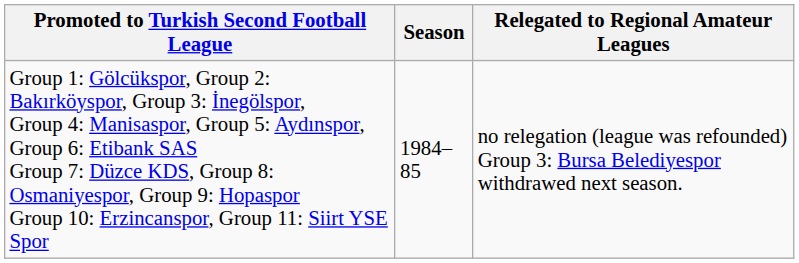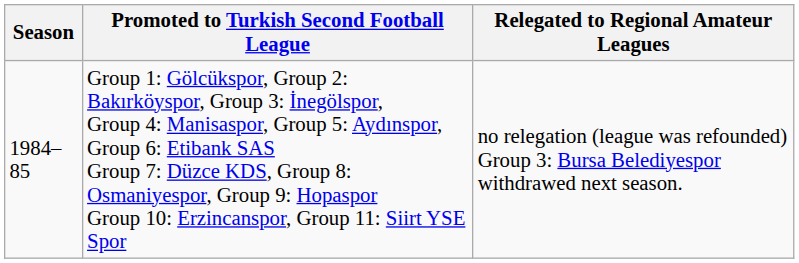 <table class="wikitable">
 <tr>
+<th>Season</th>
 <th>Promoted to <a href='#'>Turkish Second Football League</a></th>
-<th>Season</th>
 <th>Relegated to Regional Amateur Leagues</th>
 </tr>
 <tr>
+<td>1984–85</td>
 <td>Group 1: <a href='#'>Gölcükspor</a>, Group 2: <a href='#'>Bakırköyspor</a>, Group 3: <a href='#'>İnegölspor</a>, <br> Group 4: <a href='#'>Manisaspor</a>, Group 5: <a href='#'>Aydınspor</a>, Group 6: <a href='#'>Etibank SAS</a><br> Group 7: <a href='#'>Düzce KDS</a>, Group 8: <a href='#'>Osmaniyespor</a>, Group 9: <a href='#'>Hopaspor</a><br>Group 10: <a href='#'>Erzincanspor</a>, Group 11: <a href='#'>Siirt YSE Spor</a></td>
-<td>1984–85</td>
 <td>no relegation (league was refounded)<br>Group 3: <a href='#'>Bursa Belediyespor</a> withdrawed next season.</td>
 </tr>
 </table>
